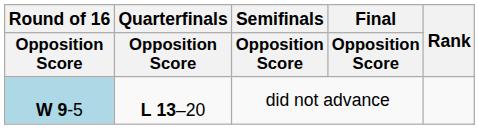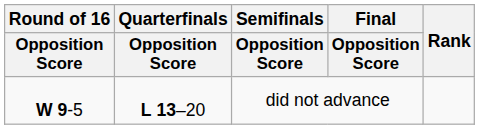 <table class=wikitable style="font-size:90%">
 <tr>
 <th>Round of 16</th>
 <th>Quarterfinals</th>
 <th>Semifinals</th>
 <th>Final</th>
 <th rowspan=2>Rank</th>
 </tr>
 <tr style="font-size:95%">
 <th>Opposition<br>Score</th>
 <th>Opposition<br>Score</th>
 <th>Opposition<br>Score</th>
 <th>Opposition<br>Score</th>
 </tr>
 <tr align=center>
-<td style="background: lightblue;"><br><strong>W</strong>  <strong>9</strong>-5</td>
+<td><br><strong>W</strong>  <strong>9</strong>-5</td>
 <td><br><strong>L</strong>  <strong>13</strong>–20</td>
 <td colspan=2>did not advance</td>
 <td></td>
 </tr>
 </table>
